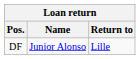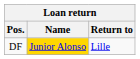 <table class="wikitable" style="font-size:95%;">
 <tr>
 <th colspan="5">Loan return</th>
 </tr>
 <tr>
 <th>Pos.</th>
 <th>Name</th>
 <th>Return to</th>
 </tr>
 <tr>
 <td align="center">DF</td>
-<td> <a href='#'>Junior Alonso</a></td>
+<td style="background: gold;"> <a href='#'>Junior Alonso</a></td>
 <td> <a href='#'>Lille</a></td>
 </tr>
 </table>
